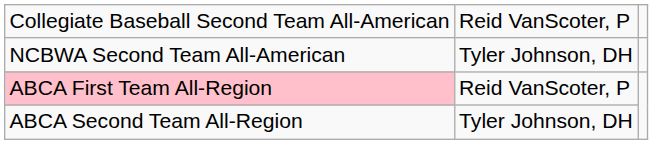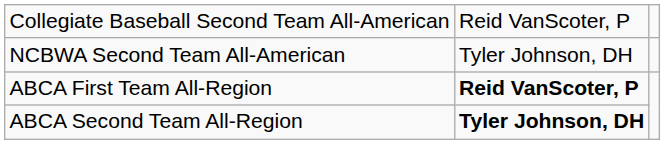 <table class="wikitable">
 <tr>
 <td>Collegiate Baseball Second Team All-American</td>
 <td>Reid VanScoter, P</td>
 <td></td>
 </tr>
 <tr>
 <td>NCBWA Second Team All-American</td>
 <td>Tyler Johnson, DH</td>
 <td></td>
 </tr>
 <tr>
-<td style="background: pink;">ABCA First Team All-Region</td>
-<td>Reid VanScoter, P</td>
+<td>ABCA First Team All-Region</td>
+<td><strong>Reid VanScoter, P</strong></td>
 <td rowspan=2></td>
 </tr>
 <tr>
 <td>ABCA Second Team All-Region</td>
-<td>Tyler Johnson, DH</td>
+<td><strong>Tyler Johnson, DH</strong></td>
 </tr>
 </table>
